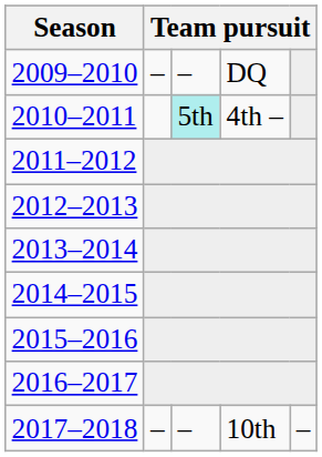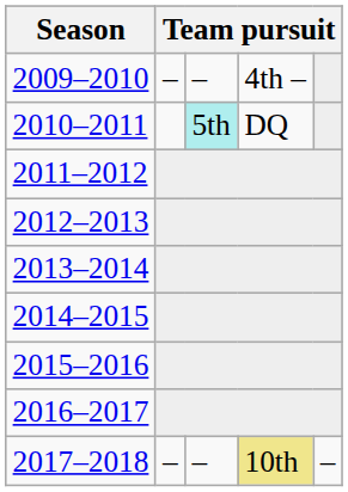 <table class="wikitable" style="display: inline-table;">
 <tr>
 <th>Season</th>
 <th colspan="4">Team pursuit</th>
 </tr>
 <tr>
 <td><a href='#'>2009–2010</a></td>
 <td>–</td>
 <td>–</td>
-<td>DQ</td>
+<td>4th –</td>
 <td colspan="1" bgcolor=#EEEEEE></td>
 </tr>
 <tr>
 <td><a href='#'>2010–2011</a></td>
 <td></td>
 <td style="background: paleturquoise;">5th</td>
-<td>4th –</td>
+<td>DQ</td>
 <td colspan="1" bgcolor=#EEEEEE></td>
 </tr>
 <tr>
 <td><a href='#'>2011–2012</a></td>
 <td colspan="4" bgcolor=#EEEEEE></td>
 </tr>
 <tr>
 <td><a href='#'>2012–2013</a></td>
 <td colspan="4" bgcolor=#EEEEEE></td>
 </tr>
 <tr>
 <td><a href='#'>2013–2014</a></td>
 <td colspan="4" bgcolor=#EEEEEE></td>
 </tr>
 <tr>
 <td><a href='#'>2014–2015</a></td>
 <td colspan="4" bgcolor=#EEEEEE></td>
 </tr>
 <tr>
 <td><a href='#'>2015–2016</a></td>
 <td colspan="4" bgcolor=#EEEEEE></td>
 </tr>
 <tr>
 <td><a href='#'>2016–2017</a></td>
 <td colspan="4" bgcolor=#EEEEEE></td>
 </tr>
 <tr>
 <td><a href='#'>2017–2018</a></td>
 <td>–</td>
 <td>–</td>
-<td>10th</td>
+<td style="background: khaki;">10th</td>
 <td>–</td>
 </tr>
 </table>
